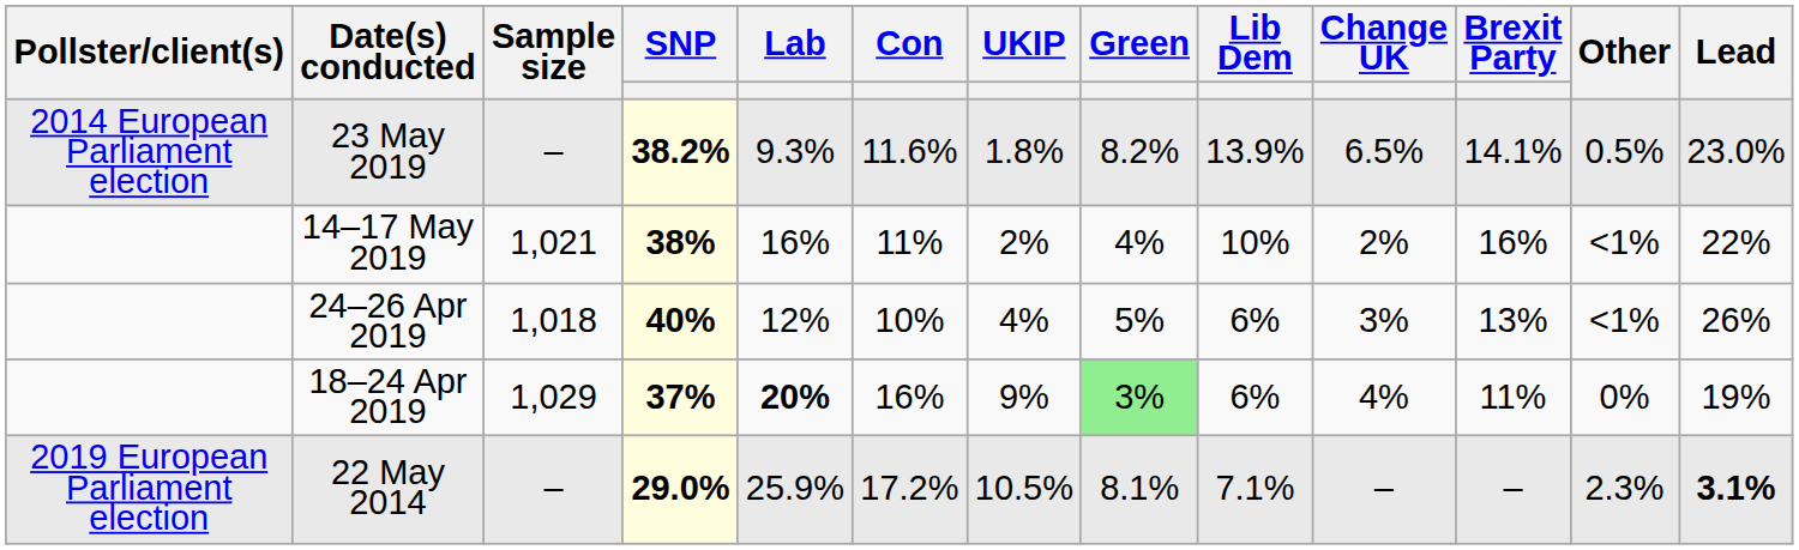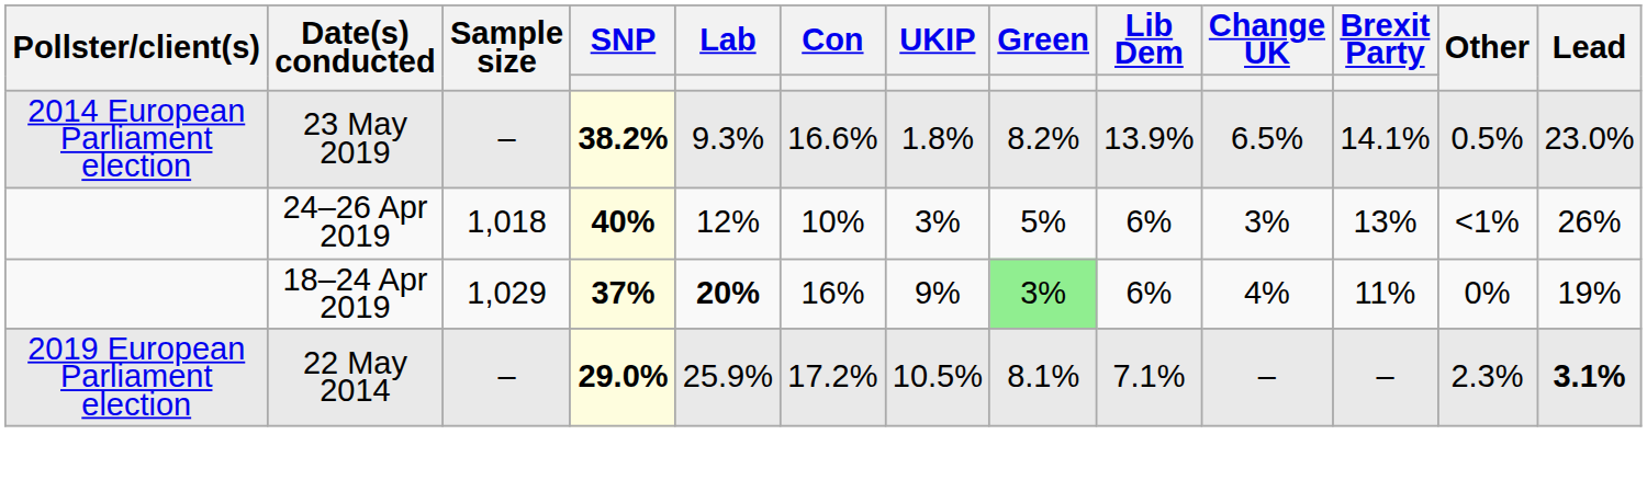 <table class="wikitable sortable mw-datatable" style="text-align:center;line-height:14px;">
 <tr>
 <th rowspan="2">Pollster/client(s)</th>
 <th rowspan="2">Date(s)<br>conducted</th>
 <th data-sort-type="number" rowspan="2">Sample<br>size</th>
 <th class="unsortable" style="width:50px;"><a href='#'>SNP</a></th>
 <th class="unsortable" style="width:50px;"><a href='#'>Lab</a></th>
 <th class="unsortable" style="width:50px;"><a href='#'>Con</a></th>
 <th class="unsortable" style="width:50px;"><a href='#'>UKIP</a></th>
 <th class="unsortable" style="width:50px;"><a href='#'>Green</a></th>
 <th class="unsortable" style="width:50px;"><a href='#'>Lib Dem</a></th>
 <th class="unsortable" style="width:50px;"><a href='#'>Change UK</a></th>
 <th class="unsortable" style="width:50px;"><a href='#'>Brexit Party</a></th>
 <th class="unsortable" rowspan="2">Other</th>
 <th data-sort-type="number" rowspan="2">Lead</th>
 </tr>
 <tr>
 <th data-sort-type="number" style="background:"></th>
 <th data-sort-type="number" style="background:"></th>
 <th data-sort-type="number" style="background:"></th>
 <th data-sort-type="number" style="background:"></th>
 <th data-sort-type="number" style="background:"></th>
 <th data-sort-type="number" style="background:"></th>
 <th data-sort-type="number" style="background:"></th>
 <th data-sort-type="number" style="background:"></th>
 </tr>
 <tr style="background:#E9E9E9;">
 <td><a href='#'>2014 European Parliament election</a></td>
 <td data-sort-value="2019-05-23">23 May 2019</td>
 <td>–</td>
 <td style="background:#FEFDDE;"><strong>38.2%</strong></td>
 <td>9.3%</td>
-<td>11.6%</td>
+<td>16.6%</td>
 <td>1.8%</td>
 <td>8.2%</td>
 <td>13.9%</td>
 <td>6.5%</td>
 <td>14.1%</td>
 <td>0.5%</td>
 <td style="background:">23.0%</td>
 </tr>
 <tr>
 <td></td>
-<td data-sort-value="2019-05-17">14–17 May 2019</td>
-<td>1,021</td>
-<td style="background:#FEFDDE;"><strong>38%</strong></td>
-<td>16%</td>
-<td>11%</td>
-<td>2%</td>
-<td>4%</td>
-<td>10%</td>
-<td>2%</td>
-<td>16%</td>
-<td data-sort-value="0%"><1%</td>
-<td style="background:">22%</td>
-</tr>
-<tr>
-<td></td>
 <td data-sort-value="2019-04-26">24–26 Apr 2019</td>
 <td>1,018</td>
 <td style="background:#FEFDDE;"><strong>40%</strong></td>
 <td>12%</td>
 <td>10%</td>
-<td>4%</td>
+<td>3%</td>
 <td>5%</td>
 <td>6%</td>
 <td>3%</td>
 <td>13%</td>
 <td data-sort-value="0%"><1%</td>
 <td style="background:">26%</td>
 </tr>
 <tr>
 <td></td>
 <td data-sort-value="2019-04-24">18–24 Apr 2019</td>
 <td>1,029</td>
 <td style="background:#FEFDDE;"><strong>37%</strong></td>
 <td><strong>20%</strong></td>
 <td>16%</td>
 <td>9%</td>
 <td style="background: lightgreen;">3%</td>
 <td>6%</td>
 <td>4%</td>
 <td>11%</td>
 <td>0%</td>
 <td style="background:">19%</td>
 </tr>
 <tr style="background:#E9E9E9;">
 <td><a href='#'>2019 European Parliament election</a></td>
 <td data-sort-value="2014-05-22">22 May 2014</td>
 <td>–</td>
 <td style="background:#FEFDDE;"><strong>29.0%</strong></td>
 <td>25.9%</td>
 <td>17.2%</td>
 <td>10.5%</td>
 <td>8.1%</td>
 <td>7.1%</td>
 <td>–</td>
 <td>–</td>
 <td>2.3%</td>
 <td style="background:"><strong>3.1%</strong></td>
 </tr>
 </table>
